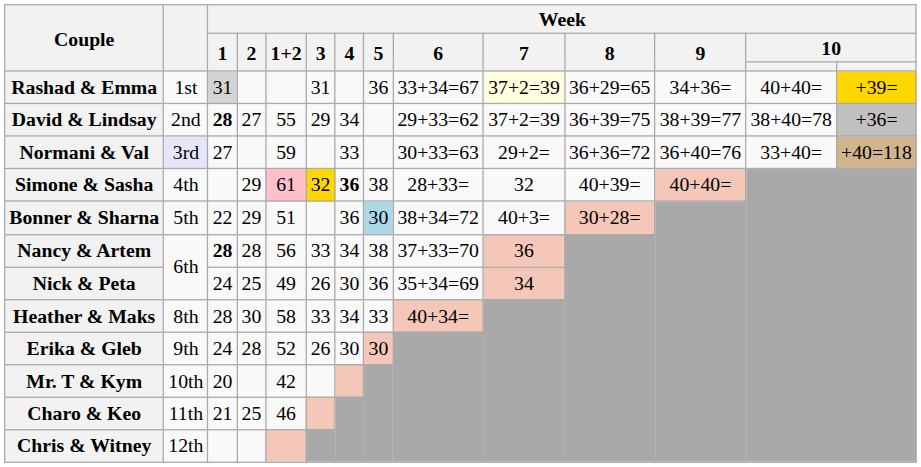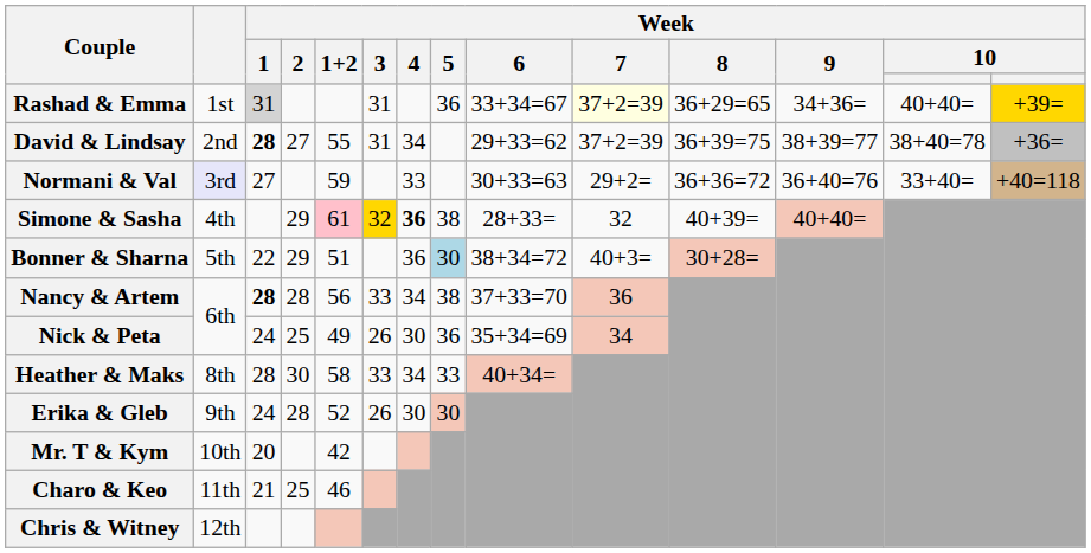 <table class="wikitable sortable" style="text-align:center; font-size:95%">
 <tr>
 <th scope="col" rowspan="3" style="text-align:center; line-height:15px;">Couple</th>
 <th scope="col" rowspan="3" style="text-align:center; line-height:15px;"></th>
 <th colspan="12" style="text-align:center; line-height:15px;">Week</th>
 </tr>
 <tr>
 <th scope="col" rowspan=2 style="line-height:15px;">1</th>
 <th scope="col" rowspan=2 style="line-height:15px;">2</th>
 <th scope="col" rowspan=2 style="line-height:15px;">1+2</th>
 <th scope="col" rowspan=2 style="line-height:15px;">3</th>
 <th scope="col" rowspan=2 style="line-height:15px;">4</th>
 <th scope="col" rowspan=2 style="line-height:15px;">5</th>
 <th scope="col" rowspan=2 style="line-height:15px;">6</th>
 <th scope="col" rowspan=2 style="line-height:15px;">7</th>
 <th scope="col" rowspan=2 style="line-height:15px;">8</th>
 <th scope="col" rowspan=2 style="line-height:15px;">9</th>
 <th scope="col" colspan=2 style="line-height:15px;">10</th>
 </tr>
 <tr>
 <th style="line-height:15px;"></th>
 <th style="line-height:15px;"></th>
 </tr>
 <tr>
 <th scope="row">Rashad & Emma</th>
 <td>1st</td>
 <td style="background: lightgrey;">31</td>
 <td></td>
 <td></td>
 <td>31</td>
 <td></td>
 <td>36</td>
 <td>33+34=67</td>
 <td style="background: lightyellow;">37+2=39</td>
 <td>36+29=65</td>
 <td>34+36=</td>
 <td>40+40=</td>
 <td bgcolor=gold >+39=</td>
 </tr>
 <tr>
 <th scope="row">David & Lindsay</th>
 <td>2nd</td>
 <td><strong>28</strong></td>
 <td>27</td>
 <td>55</td>
-<td>29</td>
+<td>31</td>
 <td>34</td>
 <td></td>
 <td>29+33=62</td>
 <td>37+2=39</td>
 <td>36+39=75</td>
 <td>38+39=77</td>
 <td>38+40=78</td>
 <td bgcolor=silver >+36=</td>
 </tr>
 <tr>
 <th scope="row">Normani & Val</th>
 <td style="background: lavender;">3rd</td>
 <td>27</td>
 <td></td>
 <td>59</td>
 <td></td>
 <td>33</td>
 <td></td>
 <td>30+33=63</td>
 <td>29+2=</td>
 <td>36+36=72</td>
 <td>36+40=76</td>
 <td>33+40=</td>
 <td bgcolor=tan >+40=118</td>
 </tr>
 <tr>
 <th scope="row">Simone & Sasha</th>
 <td>4th</td>
 <td></td>
 <td>29</td>
 <td style="background: pink;">61</td>
 <td style="background: gold;">32</td>
 <td><strong>36</strong></td>
 <td>38</td>
 <td>28+33=</td>
 <td>32</td>
 <td>40+39=</td>
 <td bgcolor=f4c7b8 >40+40=</td>
 <td colspan="2" rowspan="9" style="background:darkgrey;"></td>
 </tr>
 <tr>
 <th scope="row">Bonner & Sharna</th>
 <td>5th</td>
 <td>22</td>
 <td>29</td>
 <td>51</td>
 <td></td>
 <td>36</td>
 <td style="background: lightblue;">30</td>
 <td>38+34=72</td>
 <td>40+3=</td>
 <td bgcolor=f4c7b8 >30+28=</td>
 <td rowspan="8" style="background:darkgrey;"></td>
 </tr>
 <tr>
 <th scope="row">Nancy & Artem</th>
 <td rowspan=2>6th</td>
 <td><strong>28</strong></td>
 <td>28</td>
 <td>56</td>
 <td>33</td>
 <td>34</td>
 <td>38</td>
 <td>37+33=70</td>
 <td bgcolor=f4c7b8>36</td>
 <td rowspan="7" style="background:darkgrey;"></td>
 </tr>
 <tr>
 <th scope="row">Nick & Peta</th>
 <td>24</td>
 <td>25</td>
 <td>49</td>
 <td>26</td>
 <td>30</td>
 <td>36</td>
 <td>35+34=69</td>
 <td bgcolor=f4c7b8>34</td>
 </tr>
 <tr>
 <th scope="row">Heather & Maks</th>
 <td>8th</td>
 <td>28</td>
 <td>30</td>
 <td>58</td>
 <td>33</td>
 <td>34</td>
 <td>33</td>
 <td bgcolor=f4c7b8 >40+34=</td>
 <td rowspan="5" style="background:darkgrey;"></td>
 </tr>
 <tr>
 <th scope="row">Erika & Gleb</th>
 <td>9th</td>
 <td>24</td>
 <td>28</td>
 <td>52</td>
 <td>26</td>
 <td>30</td>
 <td bgcolor=f4c7b8>30</td>
 <td rowspan="4" style="background:darkgrey;"></td>
 </tr>
 <tr>
 <th scope="row">Mr. T & Kym</th>
 <td>10th</td>
 <td>20</td>
 <td></td>
 <td>42</td>
 <td></td>
 <td bgcolor=f4c7b8></td>
 <td rowspan="3" style="background:darkgrey;"></td>
 </tr>
 <tr>
 <th scope="row">Charo & Keo</th>
 <td>11th</td>
 <td>21</td>
 <td>25</td>
 <td>46</td>
 <td bgcolor=f4c7b8></td>
 <td rowspan="2" style="background:darkgrey;"></td>
 </tr>
 <tr>
 <th scope="row">Chris & Witney</th>
 <td>12th</td>
 <td></td>
 <td></td>
 <td bgcolor=f4c7b8></td>
 <td style="background:darkgrey;"></td>
 </tr>
 </table>
